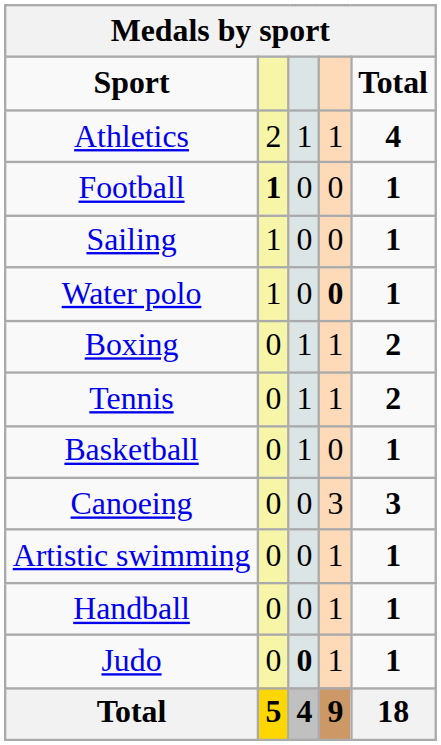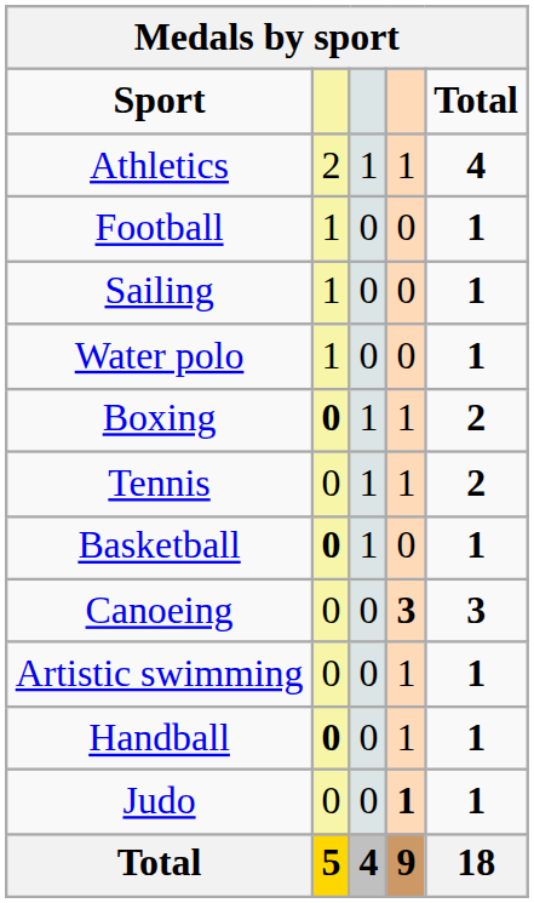 <table class="wikitable" style=font-size:85%;float:center;text-align:center>
 <tr style="background:#efefef;">
 <th colspan=5><strong>Medals by sport</strong></th>
 </tr>
 <tr align=center>
 <td><strong>Sport</strong></td>
 <td bgcolor=#f7f6a8></td>
 <td bgcolor=#dce5e5></td>
 <td bgcolor=#ffdab9></td>
 <td><strong>Total</strong></td>
 </tr>
 <tr align=center>
 <td><a href='#'>Athletics</a></td>
 <td style="background:#F7F6A8;">2</td>
 <td style="background:#DCE5E5;">1</td>
 <td style="background:#FFDAB9;">1</td>
 <td><strong>4</strong></td>
 </tr>
 <tr align=center>
 <td><a href='#'>Football</a></td>
-<td style="background:#F7F6A8;"><strong>1</strong></td>
+<td style="background:#F7F6A8;">1</td>
 <td style="background:#DCE5E5;">0</td>
 <td style="background:#FFDAB9;">0</td>
 <td><strong>1</strong></td>
 </tr>
 <tr align=center>
 <td><a href='#'>Sailing</a></td>
 <td style="background:#F7F6A8;">1</td>
 <td style="background:#DCE5E5;">0</td>
 <td style="background:#FFDAB9;">0</td>
 <td><strong>1</strong></td>
 </tr>
 <tr align=center>
 <td><a href='#'>Water polo</a></td>
 <td style="background:#F7F6A8;">1</td>
 <td style="background:#DCE5E5;">0</td>
-<td style="background:#FFDAB9;"><strong>0</strong></td>
+<td style="background:#FFDAB9;">0</td>
 <td><strong>1</strong></td>
 </tr>
 <tr align=center>
 <td><a href='#'>Boxing</a></td>
-<td style="background:#F7F6A8;">0</td>
+<td style="background:#F7F6A8;"><strong>0</strong></td>
 <td style="background:#DCE5E5;">1</td>
 <td style="background:#FFDAB9;">1</td>
 <td><strong>2</strong></td>
 </tr>
 <tr align=center>
 <td><a href='#'>Tennis</a></td>
 <td style="background:#F7F6A8;">0</td>
 <td style="background:#DCE5E5;">1</td>
 <td style="background:#FFDAB9;">1</td>
 <td><strong>2</strong></td>
 </tr>
 <tr align=center>
 <td><a href='#'>Basketball</a></td>
-<td style="background:#F7F6A8;">0</td>
+<td style="background:#F7F6A8;"><strong>0</strong></td>
 <td style="background:#DCE5E5;">1</td>
 <td style="background:#FFDAB9;">0</td>
 <td><strong>1</strong></td>
 </tr>
 <tr align=center>
 <td><a href='#'>Canoeing</a></td>
 <td style="background:#F7F6A8;">0</td>
 <td style="background:#DCE5E5;">0</td>
-<td style="background:#FFDAB9;">3</td>
+<td style="background:#FFDAB9;"><strong>3</strong></td>
 <td><strong>3</strong></td>
 </tr>
 <tr align=center>
 <td><a href='#'>Artistic swimming</a></td>
 <td style="background:#F7F6A8;">0</td>
 <td style="background:#DCE5E5;">0</td>
 <td style="background:#FFDAB9;">1</td>
 <td><strong>1</strong></td>
 </tr>
 <tr align=center>
 <td><a href='#'>Handball</a></td>
-<td style="background:#F7F6A8;">0</td>
+<td style="background:#F7F6A8;"><strong>0</strong></td>
 <td style="background:#DCE5E5;">0</td>
 <td style="background:#FFDAB9;">1</td>
 <td><strong>1</strong></td>
 </tr>
 <tr align=center>
 <td><a href='#'>Judo</a></td>
 <td style="background:#F7F6A8;">0</td>
-<td style="background:#DCE5E5;"><strong>0</strong></td>
-<td style="background:#FFDAB9;">1</td>
+<td style="background:#DCE5E5;">0</td>
+<td style="background:#FFDAB9;"><strong>1</strong></td>
 <td><strong>1</strong></td>
 </tr>
 <tr align=center>
 <th><strong>Total</strong></th>
 <th style="background:gold;"><strong>5</strong></th>
 <th style="background:silver;"><strong>4</strong></th>
 <th style="background:#c96;"><strong>9</strong></th>
 <th><strong>18</strong></th>
 </tr>
 </table>
